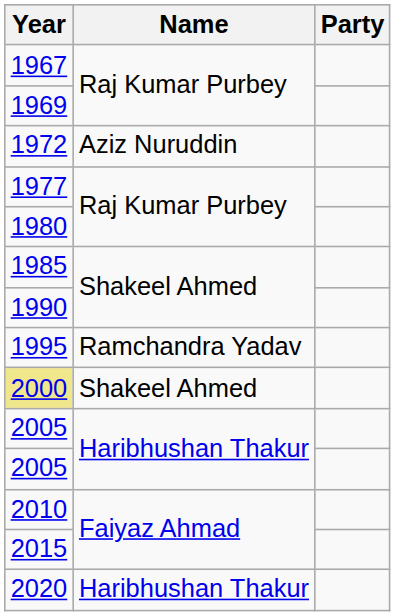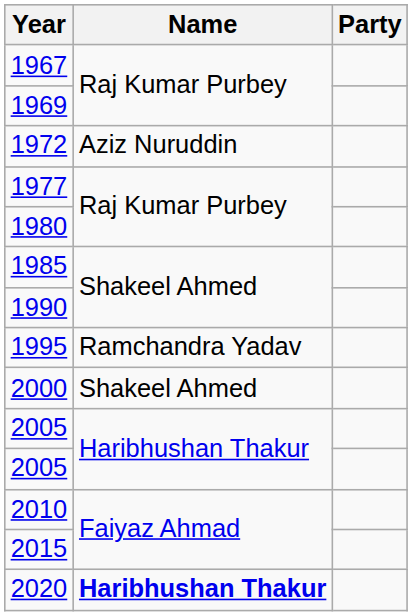 <table class="wikitable sortable">
 <tr>
 <th>Year</th>
 <th>Name</th>
 <th colspan="2">Party</th>
 </tr>
 <tr>
 <td><a href='#'>1967</a></td>
 <td rowspan="2">Raj Kumar Purbey</td>
 <td></td>
 </tr>
 <tr>
 <td><a href='#'>1969</a></td>
 </tr>
 <tr>
 <td><a href='#'>1972</a></td>
 <td>Aziz Nuruddin</td>
 <td></td>
 </tr>
 <tr>
 <td><a href='#'>1977</a></td>
 <td rowspan="2">Raj Kumar Purbey</td>
 <td></td>
 </tr>
 <tr>
 <td><a href='#'>1980</a></td>
 </tr>
 <tr>
 <td><a href='#'>1985</a></td>
 <td rowspan="2">Shakeel Ahmed</td>
 <td></td>
 </tr>
 <tr>
 <td><a href='#'>1990</a></td>
 </tr>
 <tr>
 <td><a href='#'>1995</a></td>
 <td>Ramchandra Yadav</td>
 <td></td>
 </tr>
 <tr>
-<td style="background: khaki;"><a href='#'>2000</a></td>
+<td><a href='#'>2000</a></td>
 <td>Shakeel Ahmed</td>
 <td></td>
 </tr>
 <tr>
 <td><a href='#'>2005</a></td>
 <td rowspan="2"><a href='#'>Haribhushan Thakur</a></td>
 <td></td>
 </tr>
 <tr>
 <td><a href='#'>2005</a></td>
 </tr>
 <tr>
 <td><a href='#'>2010</a></td>
 <td rowspan="2"><a href='#'>Faiyaz Ahmad</a></td>
 <td></td>
 </tr>
 <tr>
 <td><a href='#'>2015</a></td>
 </tr>
 <tr>
 <td><a href='#'>2020</a></td>
-<td><a href='#'>Haribhushan Thakur</a></td>
+<td><strong><a href='#'>Haribhushan Thakur</a></strong></td>
 <td></td>
 </tr>
 </table>
